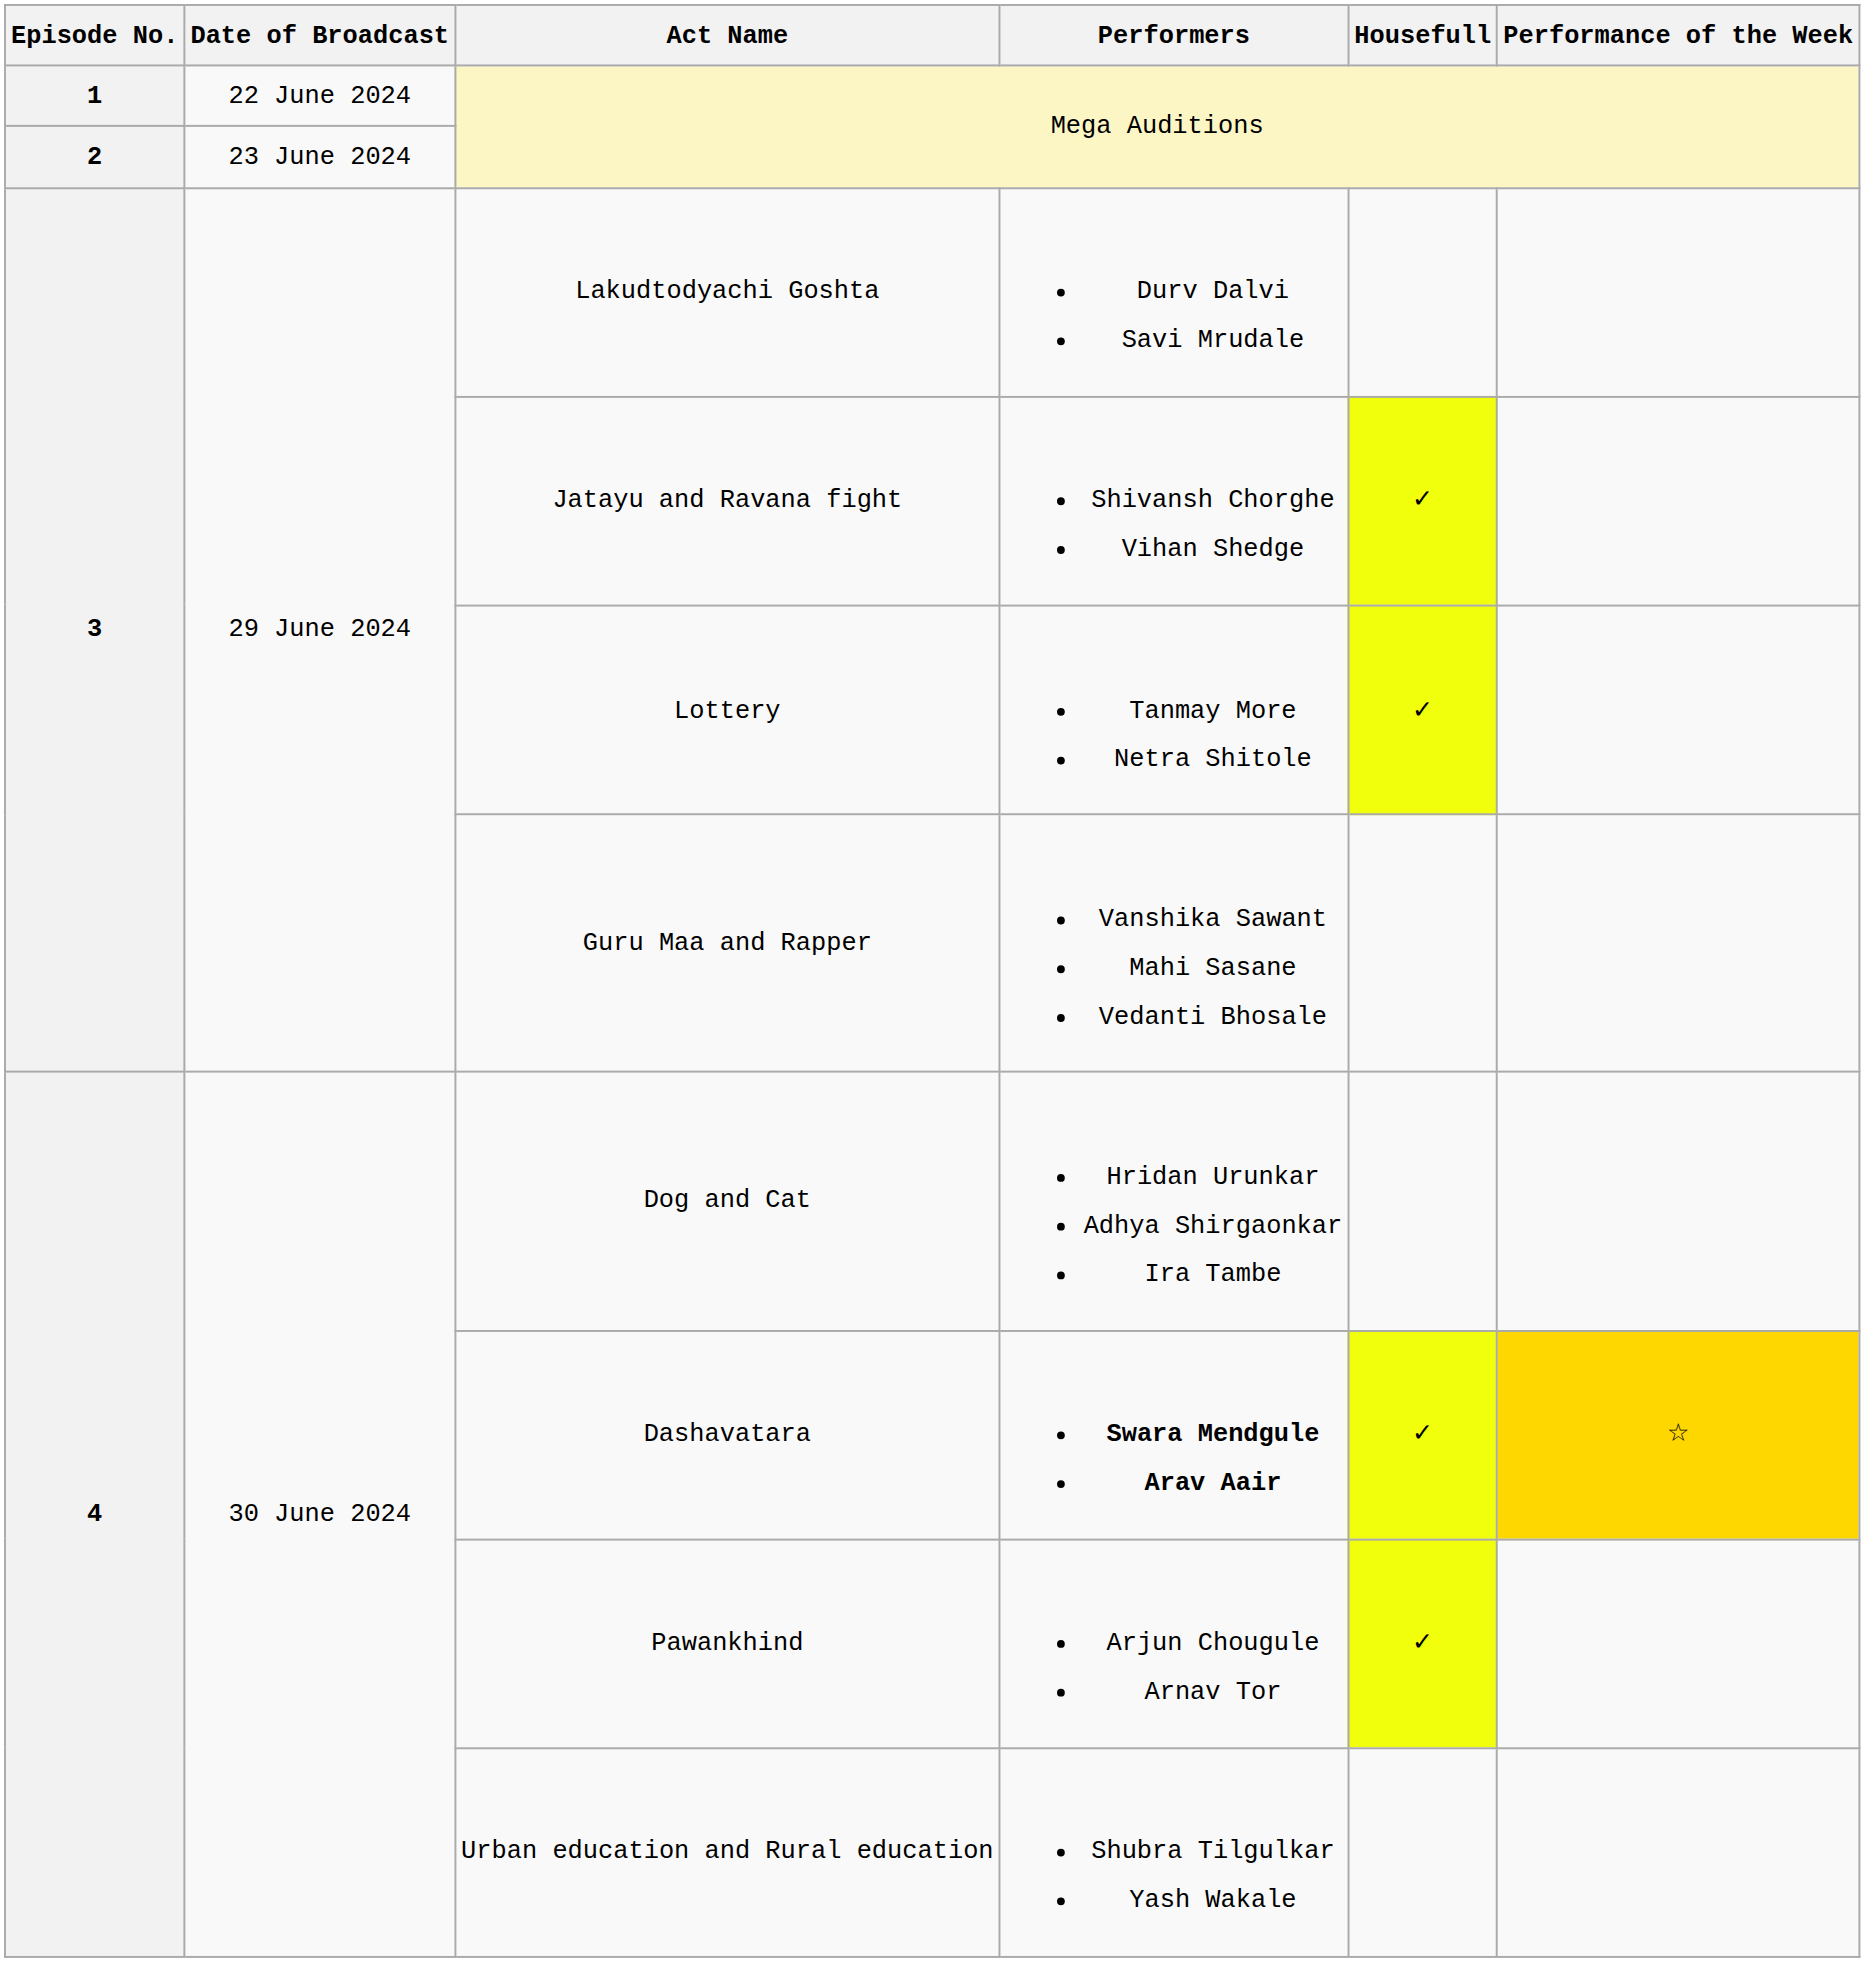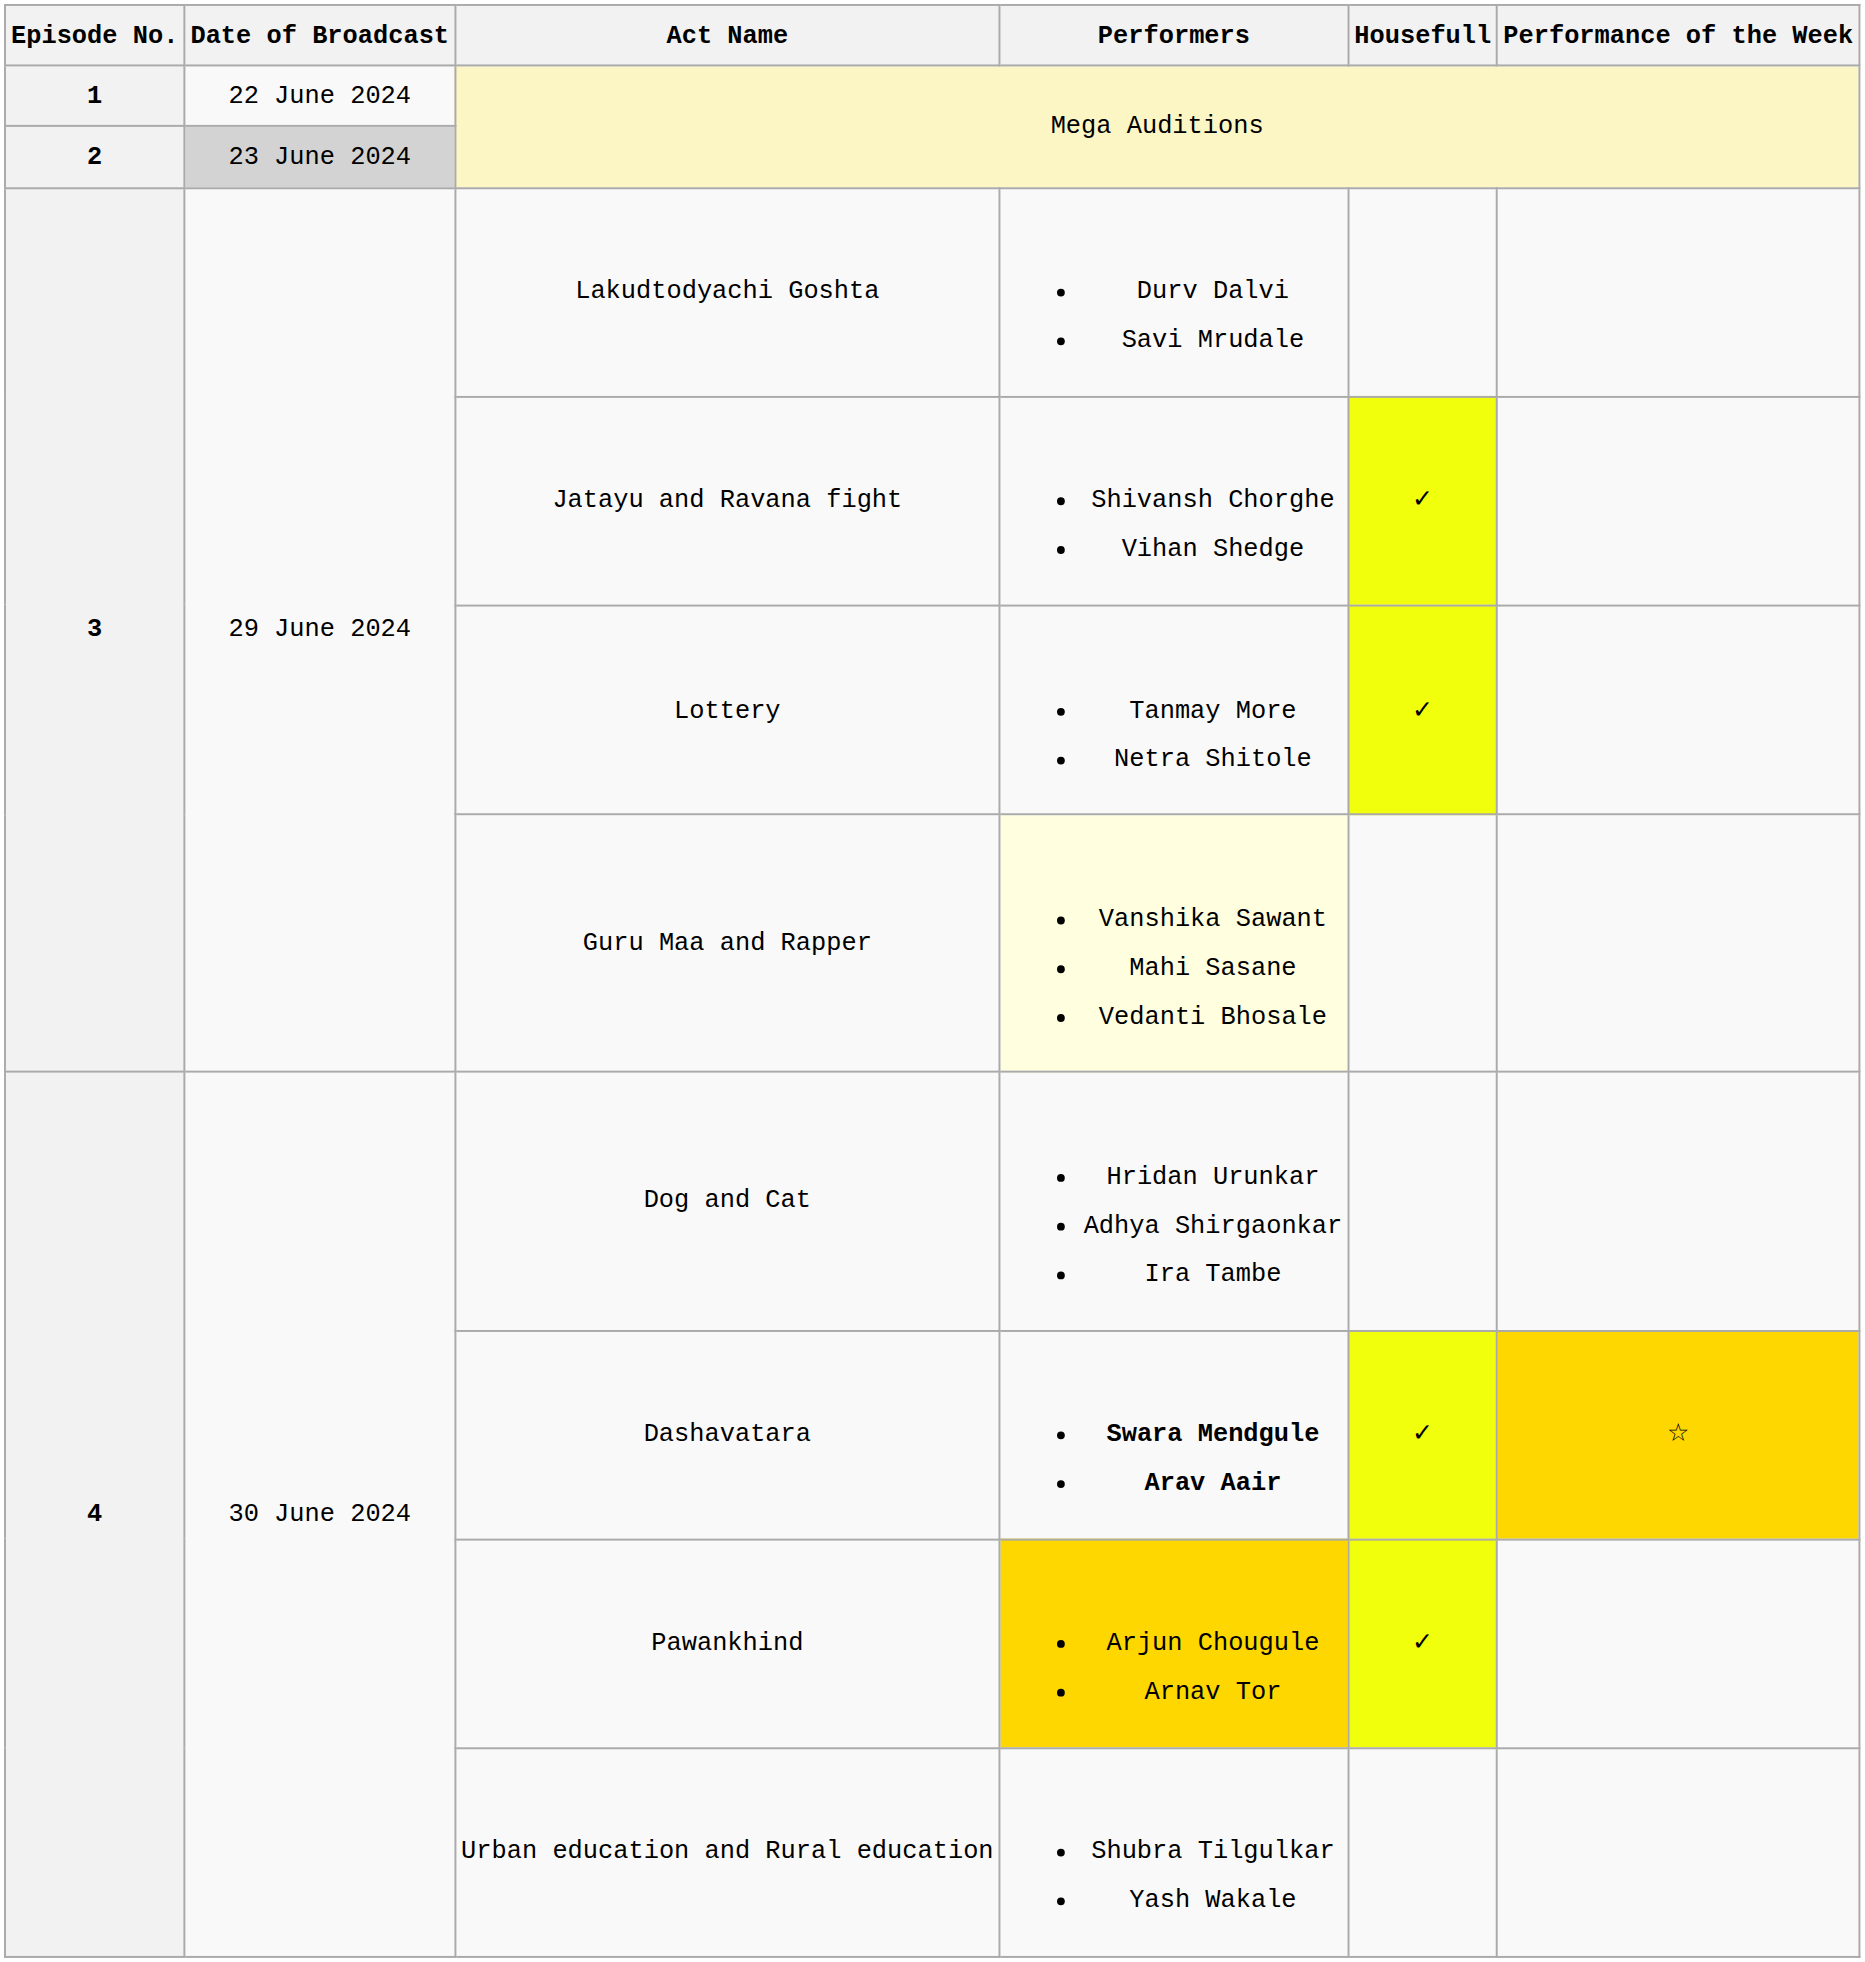 <table class="wikitable sortable" style=" text-align:center; line-height: 25px; width: auto;">
 <tr>
 <th>Episode No.</th>
 <th>Date of Broadcast</th>
 <th>Act Name</th>
 <th>Performers</th>
 <th>Housefull</th>
 <th>Performance of the Week</th>
 </tr>
 <tr>
 <th>1</th>
 <td>22 June 2024</td>
 <td colspan="4" rowspan="2" style="background:#FCF6C5">Mega Auditions</td>
 </tr>
 <tr>
 <th>2</th>
-<td>23 June 2024</td>
+<td style="background: lightgrey;">23 June 2024</td>
 </tr>
 <tr>
 <th rowspan="4">3</th>
 <td rowspan="4">29 June 2024</td>
 <td>Lakudtodyachi Goshta</td>
 <td><br><ul><li>Durv Dalvi</li><li>Savi Mrudale</li></ul></td>
 <td></td>
 <td></td>
 </tr>
 <tr>
 <td>Jatayu and Ravana fight</td>
 <td><br><ul><li>Shivansh Chorghe</li><li>Vihan Shedge</li></ul></td>
 <td style="background:#F1FF0D;"><span>✓</span></td>
 <td></td>
 </tr>
 <tr>
 <td>Lottery</td>
 <td><br><ul><li>Tanmay More</li><li>Netra Shitole</li></ul></td>
 <td style="background:#F1FF0D;"><span>✓</span></td>
 <td></td>
 </tr>
 <tr>
 <td>Guru Maa and Rapper</td>
-<td><br><ul><li>Vanshika Sawant</li><li>Mahi Sasane</li><li>Vedanti Bhosale</li></ul></td>
+<td style="background: lightyellow;"><br><ul><li>Vanshika Sawant</li><li>Mahi Sasane</li><li>Vedanti Bhosale</li></ul></td>
 <td></td>
 <td></td>
 </tr>
 <tr>
 <th rowspan="4">4</th>
 <td rowspan="4">30 June 2024</td>
 <td>Dog and Cat</td>
 <td><br><ul><li>Hridan Urunkar</li><li>Adhya Shirgaonkar</li><li>Ira Tambe</li></ul></td>
 <td></td>
 <td></td>
 </tr>
 <tr>
 <td>Dashavatara</td>
 <td><strong><br><ul><li>Swara Mendgule</li><li>Arav Aair</li></ul></strong></td>
 <td style="background:#F1FF0D;"><span>✓</span></td>
 <td style="background:gold;"><span>☆</span></td>
 </tr>
 <tr>
 <td>Pawankhind</td>
-<td><br><ul><li>Arjun Chougule</li><li>Arnav Tor</li></ul></td>
+<td style="background: gold;"><br><ul><li>Arjun Chougule</li><li>Arnav Tor</li></ul></td>
 <td style="background:#F1FF0D;"><span>✓</span></td>
 <td></td>
 </tr>
 <tr>
 <td>Urban education and Rural education</td>
 <td><br><ul><li>Shubra Tilgulkar</li><li>Yash Wakale</li></ul></td>
 <td></td>
 <td></td>
 </tr>
 </table>
